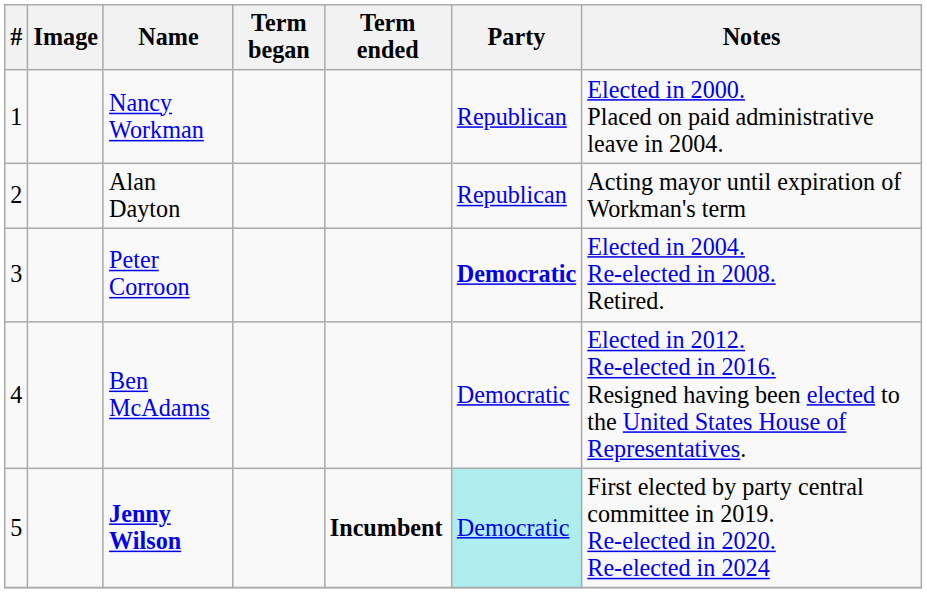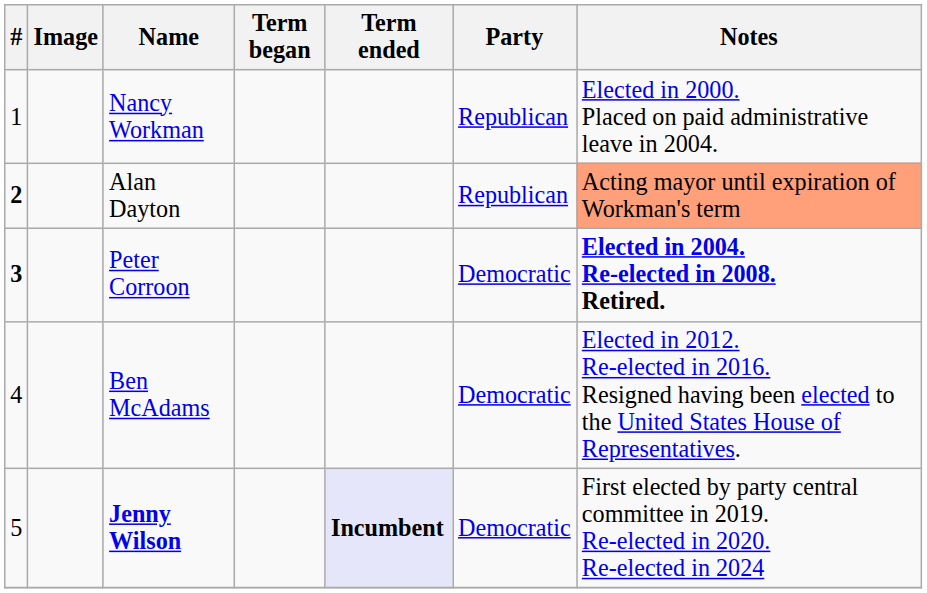 <table class="wikitable">
 <tr>
 <th>#</th>
 <th>Image</th>
 <th>Name</th>
 <th>Term began</th>
 <th>Term ended</th>
 <th>Party</th>
 <th>Notes</th>
 </tr>
 <tr>
 <td>1</td>
 <td></td>
 <td><a href='#'>Nancy Workman</a></td>
 <td></td>
 <td></td>
 <td><a href='#'>Republican</a></td>
 <td><a href='#'>Elected in 2000.</a><br>Placed on paid administrative leave in 2004.</td>
 </tr>
 <tr>
-<td>2</td>
+<td><strong>2</strong></td>
 <td></td>
 <td>Alan Dayton</td>
 <td></td>
 <td></td>
 <td><a href='#'>Republican</a></td>
-<td>Acting mayor until expiration of Workman's term</td>
+<td style="background: lightsalmon;">Acting mayor until expiration of Workman's term</td>
 </tr>
 <tr>
-<td>3</td>
+<td><strong>3</strong></td>
 <td></td>
 <td><a href='#'>Peter Corroon</a></td>
 <td></td>
 <td></td>
-<td><strong><a href='#'>Democratic</a></strong></td>
-<td><a href='#'>Elected in 2004.</a><br><a href='#'>Re-elected in 2008.</a><br>Retired.</td>
+<td><a href='#'>Democratic</a></td>
+<td><strong><a href='#'>Elected in 2004.</a><br><a href='#'>Re-elected in 2008.</a><br>Retired.</strong></td>
 </tr>
 <tr>
 <td>4</td>
 <td></td>
 <td><a href='#'>Ben McAdams</a></td>
 <td></td>
 <td></td>
 <td><a href='#'>Democratic</a></td>
 <td><a href='#'>Elected in 2012.</a><br><a href='#'>Re-elected in 2016.</a><br>Resigned having been <a href='#'>elected</a> to the <a href='#'>United States House of Representatives</a>.</td>
 </tr>
 <tr>
 <td>5</td>
 <td></td>
 <td><strong><a href='#'>Jenny Wilson</a></strong></td>
 <td><strong></strong></td>
-<td><strong>Incumbent</strong></td>
-<td style="background: paleturquoise;"><a href='#'>Democratic</a></td>
+<td style="background: lavender;"><strong>Incumbent</strong></td>
+<td><a href='#'>Democratic</a></td>
 <td>First elected by party central committee in 2019.<br><a href='#'>Re-elected in 2020.</a><br><a href='#'>Re-elected in 2024</a></td>
 </tr>
 <tr>
 </tr>
 </table>
